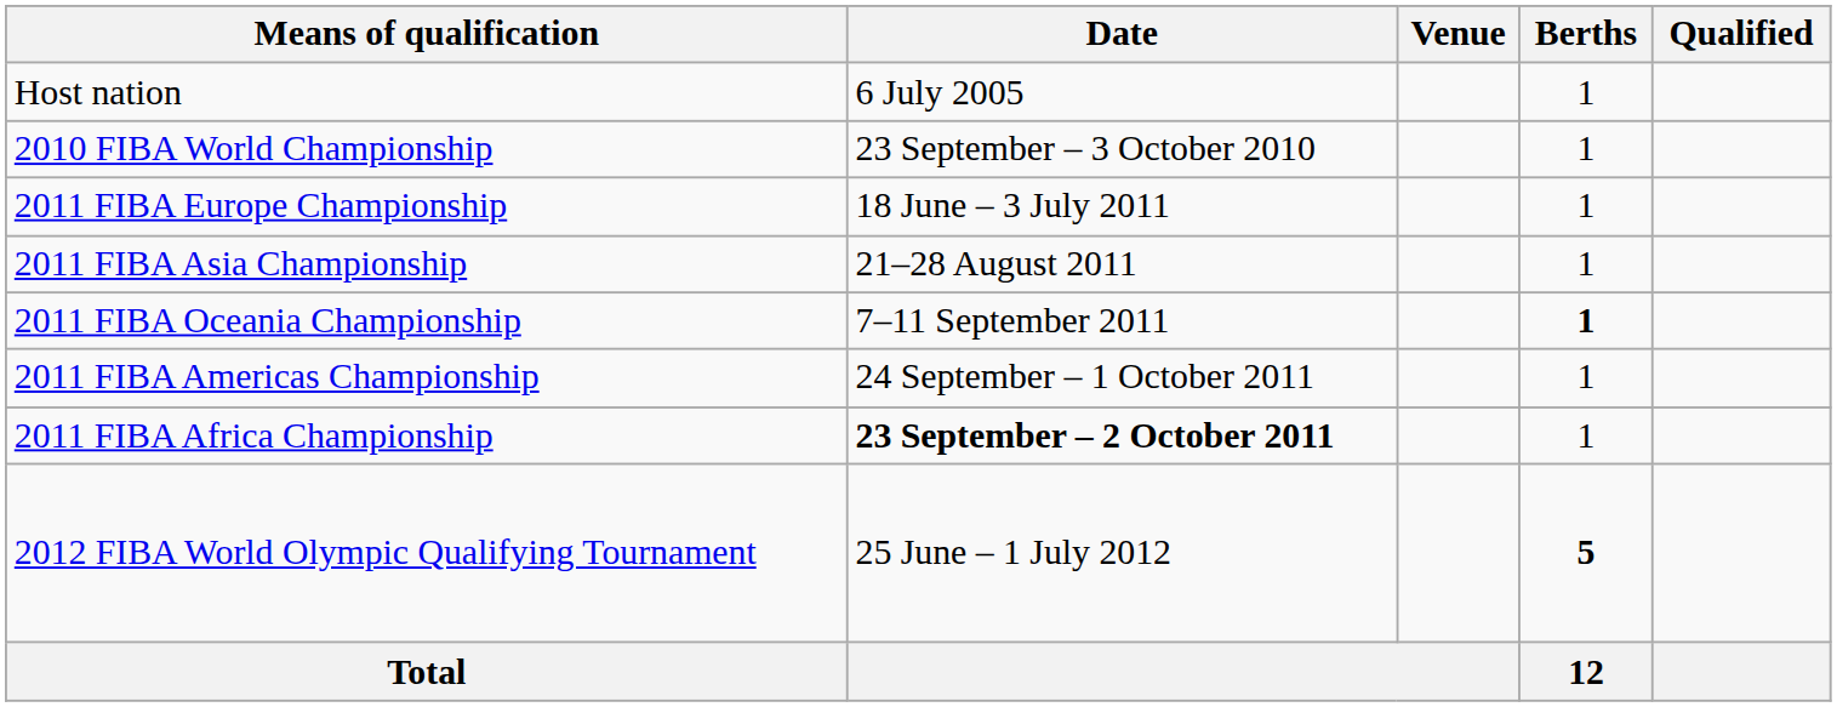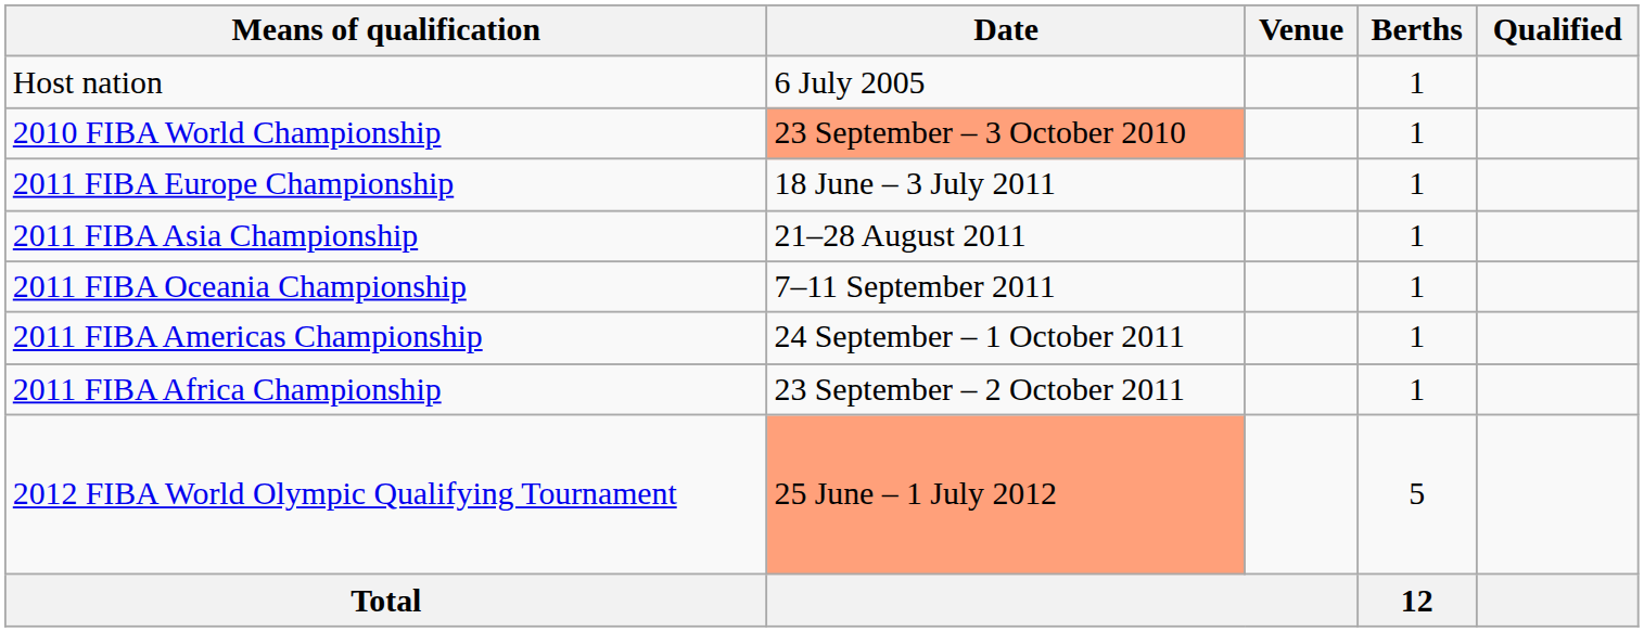 <table class="wikitable" width=810>
 <tr>
 <th>Means of qualification</th>
 <th>Date</th>
 <th>Venue</th>
 <th>Berths</th>
 <th>Qualified</th>
 </tr>
 <tr>
 <td>Host nation</td>
 <td>6 July 2005</td>
 <td></td>
 <td align="center">1</td>
 <td></td>
 </tr>
 <tr>
 <td><a href='#'>2010 FIBA World Championship</a></td>
-<td>23 September – 3 October 2010</td>
+<td style="background: lightsalmon;">23 September – 3 October 2010</td>
 <td></td>
 <td align="center">1</td>
 <td></td>
 </tr>
 <tr>
 <td><a href='#'>2011 FIBA Europe Championship</a></td>
 <td>18 June – 3 July 2011</td>
 <td></td>
 <td align="center">1</td>
 <td></td>
 </tr>
 <tr>
 <td><a href='#'>2011 FIBA Asia Championship</a></td>
 <td>21–28 August 2011</td>
 <td></td>
 <td align="center">1</td>
 <td></td>
 </tr>
 <tr>
 <td><a href='#'>2011 FIBA Oceania Championship</a></td>
 <td>7–11 September 2011</td>
 <td></td>
-<td align="center"><strong>1</strong></td>
+<td align="center">1</td>
 <td></td>
 </tr>
 <tr>
 <td><a href='#'>2011 FIBA Americas Championship</a></td>
 <td>24 September – 1 October 2011</td>
 <td></td>
 <td align="center">1</td>
 <td></td>
 </tr>
 <tr>
 <td><a href='#'>2011 FIBA Africa Championship</a></td>
-<td><strong>23 September – 2 October 2011</strong></td>
+<td>23 September – 2 October 2011</td>
 <td></td>
 <td align="center">1</td>
 <td></td>
 </tr>
 <tr>
 <td><a href='#'>2012 FIBA World Olympic Qualifying Tournament</a></td>
-<td>25 June – 1 July 2012</td>
+<td style="background: lightsalmon;">25 June – 1 July 2012</td>
 <td></td>
-<td align="center"><strong>5</strong></td>
+<td align="center">5</td>
 <td><br><br><br><br></td>
 </tr>
 <tr>
 <th>Total</th>
 <th colspan="2"></th>
 <th>12</th>
 <th></th>
 </tr>
 </table>
